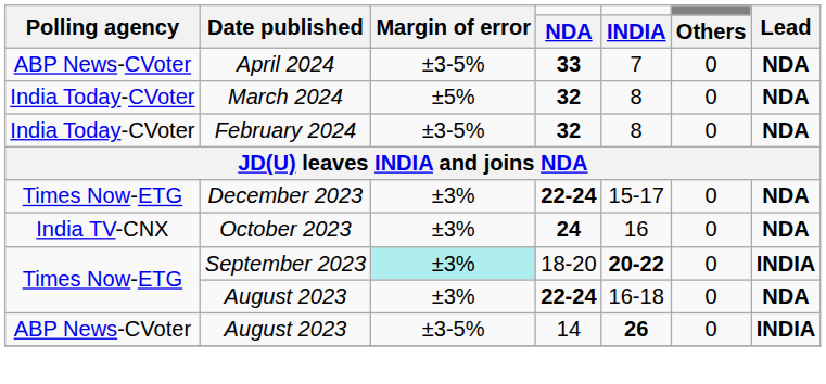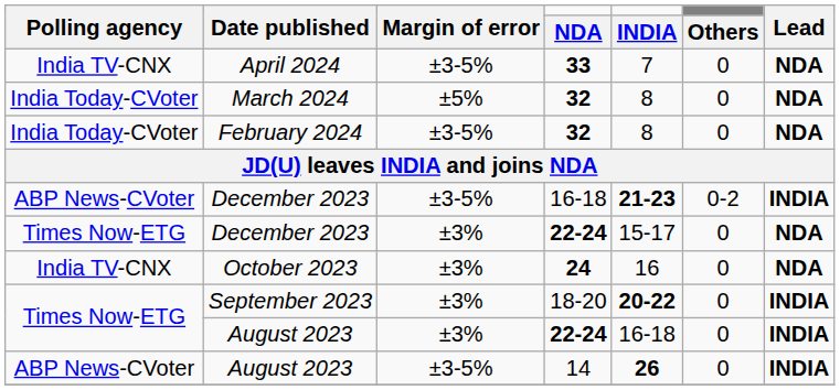 <table class="wikitable sortable" style="text-align:center;font-size:95%;line-height:16px">
 <tr>
 <th rowspan="2">Polling agency</th>
 <th rowspan="2">Date published</th>
 <th rowspan="2">Margin of error</th>
 <td bgcolor=></td>
 <td bgcolor=></td>
 <td bgcolor=grey></td>
 <th rowspan="2">Lead</th>
 </tr>
 <tr>
 <th><a href='#'>NDA</a></th>
 <th><a href='#'>INDIA</a></th>
 <th>Others</th>
 </tr>
 <tr>
-<td><a href='#'>ABP News</a>-<a href='#'>CVoter</a></td>
+<td><a href='#'>India TV</a>-CNX</td>
 <td><em>April 2024</em></td>
 <td>±3-5%</td>
 <td bgcolor=><strong>33</strong></td>
 <td>7</td>
 <td>0</td>
 <td bgcolor=><strong>NDA</strong></td>
 </tr>
 <tr>
 <td><a href='#'>India Today</a>-<a href='#'>CVoter</a></td>
 <td><em>March 2024</em></td>
 <td>±5%</td>
 <td bgcolor=><strong>32</strong></td>
 <td>8</td>
 <td>0</td>
 <td bgcolor=><strong>NDA</strong></td>
 </tr>
 <tr>
 <td><a href='#'>India Today</a>-CVoter</td>
 <td><em>February 2024</em></td>
 <td>±3-5%</td>
 <td bgcolor=><strong>32</strong></td>
 <td>8</td>
 <td>0</td>
 <td bgcolor=><strong>NDA</strong></td>
 </tr>
 <tr>
 <th colspan="7"><a href='#'>JD(U)</a> leaves <a href='#'>INDIA</a> and joins <a href='#'>NDA</a></th>
 </tr>
 <tr>
+<td><a href='#'>ABP News</a>-<a href='#'>CVoter</a></td>
+<td><em>December 2023</em></td>
+<td>±3-5%</td>
+<td>16-18</td>
+<td bgcolor=><strong>21-23</strong></td>
+<td>0-2</td>
+<td bgcolor=><strong>INDIA </strong></td>
+</tr>
+<tr>
 <td><a href='#'>Times Now</a>-<a href='#'>ETG</a></td>
 <td><em>December 2023</em></td>
 <td>±3%</td>
 <td bgcolor=><strong>22-24</strong></td>
 <td>15-17</td>
 <td>0</td>
 <td bgcolor=><strong>NDA</strong></td>
 </tr>
 <tr>
 <td><a href='#'>India TV</a>-CNX</td>
 <td><em>October 2023</em></td>
 <td>±3%</td>
 <td bgcolor=><strong>24</strong></td>
 <td>16</td>
 <td>0</td>
 <td bgcolor=><strong>NDA</strong></td>
 </tr>
 <tr>
 <td rowspan="2"><a href='#'>Times Now</a>-<a href='#'>ETG</a></td>
 <td><em>September 2023</em></td>
-<td style="background: paleturquoise;">±3%</td>
+<td>±3%</td>
 <td>18-20</td>
 <td bgcolor=><strong>20-22</strong></td>
 <td>0</td>
 <td bgcolor=><strong>INDIA</strong></td>
 </tr>
 <tr>
 <td><em>August 2023</em></td>
 <td>±3%</td>
 <td bgcolor=><strong>22-24</strong></td>
 <td>16-18</td>
 <td>0</td>
-<td bgcolor=><strong>NDA</strong></td>
+<td bgcolor=><strong>INDIA</strong></td>
 </tr>
 <tr>
 <td><a href='#'>ABP News</a>-CVoter</td>
 <td><em>August 2023</em></td>
 <td>±3-5%</td>
 <td>14</td>
 <td><strong>26</strong></td>
 <td>0</td>
 <td><strong>INDIA</strong></td>
 </tr>
 <tr>
 </tr>
 </table>
